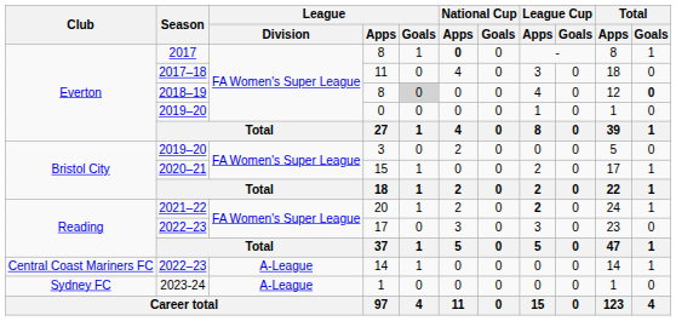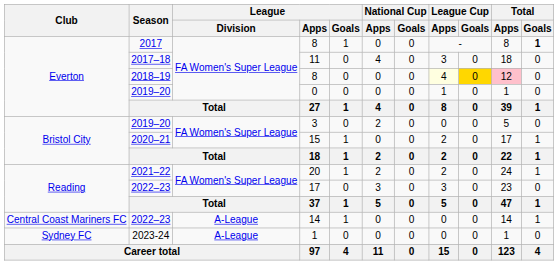 <table class="wikitable" style="text-align:center">
 <tr>
 <th rowspan="2">Club</th>
 <th rowspan="2">Season</th>
 <th colspan="3">League</th>
 <th colspan="2">National Cup</th>
 <th colspan="2">League Cup</th>
 <th colspan="2">Total</th>
 </tr>
 <tr>
 <th>Division</th>
 <th>Apps</th>
 <th>Goals</th>
 <th>Apps</th>
 <th>Goals</th>
 <th>Apps</th>
 <th>Goals</th>
 <th>Apps</th>
 <th>Goals</th>
 </tr>
 <tr>
 <td rowspan="5"><a href='#'>Everton</a></td>
 <td><a href='#'>2017</a></td>
 <td rowspan="4"><a href='#'>FA Women's Super League</a></td>
 <td>8</td>
 <td>1</td>
-<td><strong>0</strong></td>
+<td>0</td>
 <td>0</td>
 <td colspan="2">-</td>
 <td>8</td>
-<td>1</td>
+<td><strong>1</strong></td>
 </tr>
 <tr>
 <td><a href='#'>2017–18</a></td>
 <td>11</td>
 <td>0</td>
 <td>4</td>
 <td>0</td>
 <td>3</td>
 <td>0</td>
 <td>18</td>
 <td>0</td>
 </tr>
 <tr>
 <td><a href='#'>2018–19</a></td>
 <td>8</td>
-<td style="background: lightgrey;">0</td>
 <td>0</td>
 <td>0</td>
-<td>4</td>
 <td>0</td>
-<td>12</td>
-<td><strong>0</strong></td>
+<td style="background: lightyellow;">4</td>
+<td style="background: gold;">0</td>
+<td style="background: pink;">12</td>
+<td>0</td>
 </tr>
 <tr>
 <td><a href='#'>2019–20</a></td>
 <td>0</td>
 <td>0</td>
 <td>0</td>
 <td>0</td>
 <td>1</td>
 <td>0</td>
 <td>1</td>
 <td>0</td>
 </tr>
 <tr>
 <th colspan="2">Total</th>
 <th>27</th>
 <th>1</th>
 <th>4</th>
 <th>0</th>
 <th>8</th>
 <th>0</th>
 <th>39</th>
 <th>1</th>
 </tr>
 <tr>
 <td rowspan="3"><a href='#'>Bristol City</a></td>
 <td><a href='#'>2019–20</a></td>
 <td rowspan="2"><a href='#'>FA Women's Super League</a></td>
 <td>3</td>
 <td>0</td>
 <td>2</td>
 <td>0</td>
 <td>0</td>
 <td>0</td>
 <td>5</td>
 <td>0</td>
 </tr>
 <tr>
 <td><a href='#'>2020–21</a></td>
 <td>15</td>
 <td>1</td>
 <td>0</td>
 <td>0</td>
 <td>2</td>
 <td>0</td>
 <td>17</td>
 <td>1</td>
 </tr>
 <tr>
 <th colspan="2">Total</th>
 <th>18</th>
 <th>1</th>
 <th>2</th>
 <th>0</th>
 <th>2</th>
 <th>0</th>
 <th>22</th>
 <th>1</th>
 </tr>
 <tr>
 <td rowspan="3"><a href='#'>Reading</a></td>
 <td><a href='#'>2021–22</a></td>
 <td rowspan="2"><a href='#'>FA Women's Super League</a></td>
 <td>20</td>
 <td>1</td>
 <td>2</td>
 <td>0</td>
-<td><strong>2</strong></td>
+<td>2</td>
 <td>0</td>
 <td>24</td>
 <td>1</td>
 </tr>
 <tr>
 <td><a href='#'>2022–23</a></td>
 <td>17</td>
 <td>0</td>
 <td>3</td>
 <td>0</td>
 <td>3</td>
 <td>0</td>
 <td>23</td>
 <td>0</td>
 </tr>
 <tr>
 <th colspan="2">Total</th>
 <th>37</th>
 <th>1</th>
 <th>5</th>
 <th>0</th>
 <th>5</th>
 <th>0</th>
 <th>47</th>
 <th>1</th>
 </tr>
 <tr>
 <td><a href='#'>Central Coast Mariners FC</a></td>
 <td><a href='#'>2022–23</a></td>
 <td><a href='#'>A-League</a></td>
 <td>14</td>
 <td>1</td>
 <td>0</td>
 <td>0</td>
 <td>0</td>
 <td>0</td>
 <td>14</td>
 <td>1</td>
 </tr>
 <tr>
 <td><a href='#'>Sydney FC</a></td>
 <td>2023-24</td>
 <td><a href='#'>A-League</a></td>
 <td>1</td>
 <td>0</td>
 <td>0</td>
 <td>0</td>
 <td>0</td>
 <td>0</td>
 <td>1</td>
 <td>0</td>
 </tr>
 <tr>
 <th colspan="3">Career total</th>
 <th>97</th>
 <th>4</th>
 <th>11</th>
 <th>0</th>
 <th>15</th>
 <th>0</th>
 <th>123</th>
 <th>4</th>
 </tr>
 </table>
